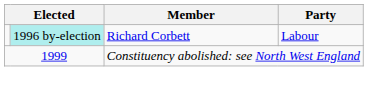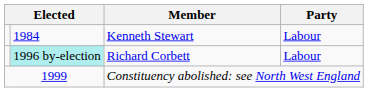 <table class="wikitable">
 <tr>
 <th colspan = "2">Elected</th>
 <th>Member</th>
 <th>Party</th>
+</tr>
+<tr>
+<td style="background-color: "></td>
+<td><a href='#'>1984</a></td>
+<td><a href='#'>Kenneth Stewart</a></td>
+<td><a href='#'>Labour</a></td>
 </tr>
 <tr>
 <td style="background-color: "></td>
 <td style="background: paleturquoise;">1996 by-election</td>
 <td><a href='#'>Richard Corbett</a></td>
 <td><a href='#'>Labour</a></td>
 </tr>
 <tr>
 <td colspan="2" align="center"><a href='#'>1999</a></td>
 <td colspan="2"><em>Constituency abolished: see <a href='#'>North West England</a></em></td>
 </tr>
 </table>
